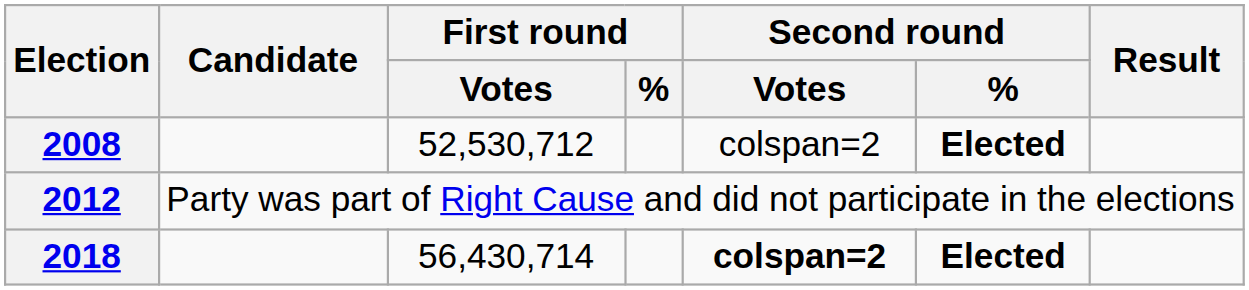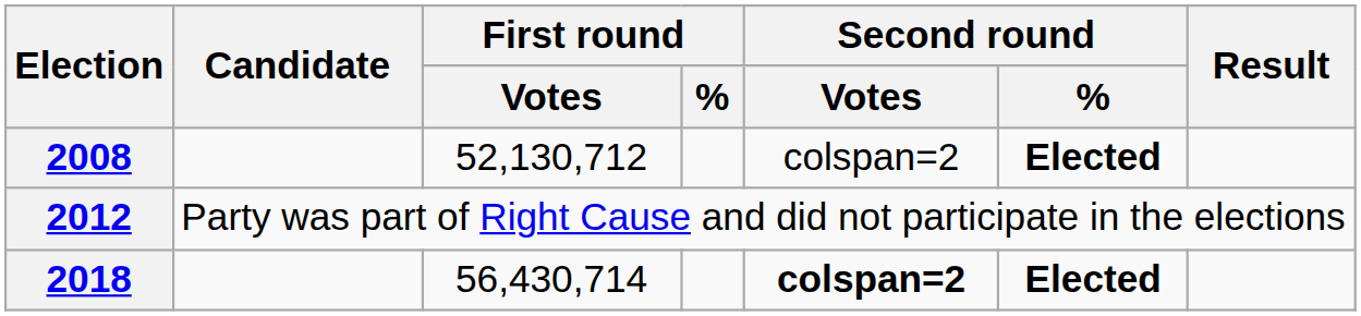 <table class=wikitable style=text-align:center>
 <tr>
 <th rowspan="2"><strong>Election</strong></th>
 <th rowspan="2">Candidate</th>
 <th colspan="2" scope="col">First round</th>
 <th colspan="2">Second round</th>
 <th rowspan="2">Result</th>
 </tr>
 <tr>
 <th><strong>Votes</strong></th>
 <th><strong>%</strong></th>
 <th><strong>Votes</strong></th>
 <th><strong>%</strong></th>
 </tr>
 <tr>
 <th><a href='#'>2008</a></th>
 <td></td>
-<td>52,530,712</td>
+<td>52,130,712</td>
 <td></td>
 <td>colspan=2 </td>
 <td><strong>Elected</strong> </td>
 </tr>
 <tr>
 <th><a href='#'>2012</a></th>
 <td rowspan=1 colspan=6>Party was part of <a href='#'>Right Cause</a> and did not participate in the elections</td>
 </tr>
 <tr>
 <th><a href='#'>2018</a></th>
 <td></td>
 <td>56,430,714</td>
 <td></td>
 <td><strong>colspan=2 </strong></td>
 <td><strong>Elected</strong> </td>
 </tr>
 </table>
